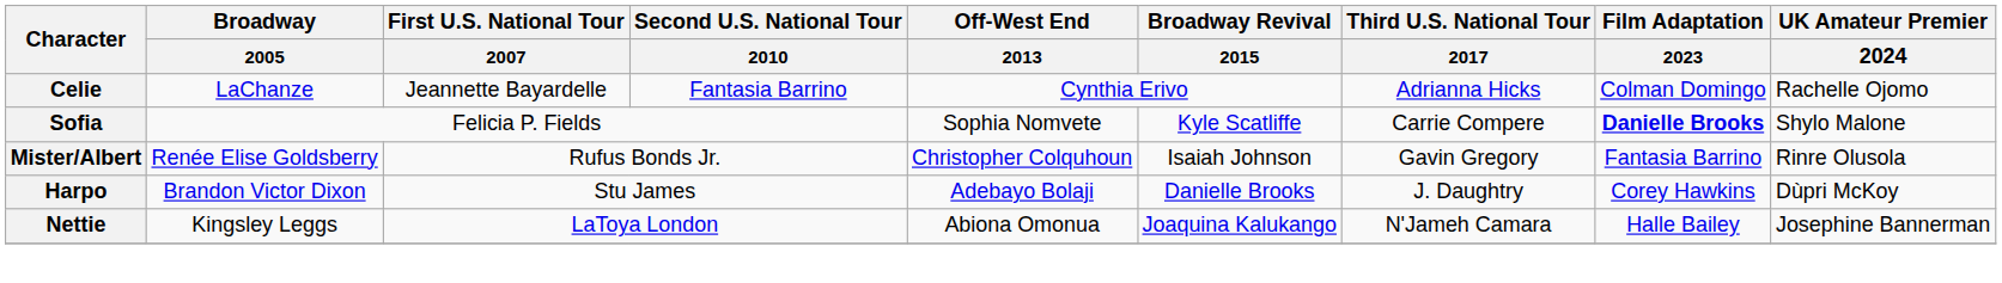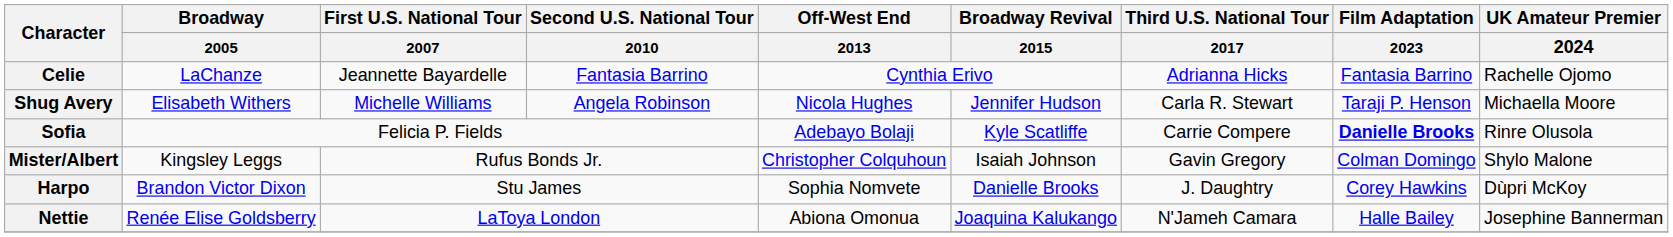 <table class="wikitable" style="width:100;">
 <tr>
 <th rowspan="2">Character</th>
 <th>Broadway</th>
 <th>First U.S. National Tour</th>
 <th>Second U.S. National Tour</th>
 <th>Off-West End</th>
 <th>Broadway Revival</th>
 <th>Third U.S. National Tour</th>
 <th>Film Adaptation</th>
 <th>UK Amateur Premier</th>
 </tr>
 <tr>
 <th><small>2005</small></th>
 <th><small>2007</small></th>
 <th><small>2010</small></th>
 <th><small>2013</small></th>
 <th><small>2015</small></th>
 <th><small>2017</small></th>
 <th><small>2023</small></th>
 <th>2024</th>
 </tr>
 <tr>
 <th>Celie</th>
 <td colspan="1" align="center"><a href='#'>LaChanze</a></td>
 <td colspan="1" align="center">Jeannette Bayardelle</td>
 <td colspan="1" align="center"><a href='#'>Fantasia Barrino</a></td>
 <td colspan="2" align="center"><a href='#'>Cynthia Erivo</a></td>
 <td colspan="1" align="center"><a href='#'>Adrianna Hicks</a></td>
-<td colspan="1" align="center"><a href='#'>Colman Domingo</a></td>
+<td colspan="1" align="center"><a href='#'>Fantasia Barrino</a></td>
 <td>Rachelle Ojomo</td>
+</tr>
+<tr>
+<th>Shug Avery</th>
+<td colspan="1" align="center"><a href='#'>Elisabeth Withers</a></td>
+<td colspan="1" align="center"><a href='#'>Michelle Williams</a></td>
+<td colspan="1" align="center"><a href='#'>Angela Robinson</a></td>
+<td colspan="1" align="center"><a href='#'>Nicola Hughes</a></td>
+<td colspan="1" align="center"><a href='#'>Jennifer Hudson</a></td>
+<td colspan="1" align="center">Carla R. Stewart</td>
+<td colspan="1" align="center"><a href='#'>Taraji P. Henson</a></td>
+<td>Michaella Moore</td>
 </tr>
 <tr>
 <th>Sofia</th>
 <td colspan="3" align="center">Felicia P. Fields</td>
-<td colspan="1" align="center">Sophia Nomvete</td>
+<td colspan="1" align="center"><a href='#'>Adebayo Bolaji</a></td>
 <td colspan="1" align="center"><a href='#'>Kyle Scatliffe</a></td>
 <td colspan="1" align="center">Carrie Compere</td>
 <td colspan="1" align="center"><strong><a href='#'>Danielle Brooks</a></strong></td>
-<td>Shylo Malone</td>
+<td>Rinre Olusola</td>
 </tr>
 <tr>
 <th>Mister/Albert</th>
-<td colspan="1" align="center"><a href='#'>Renée Elise Goldsberry</a></td>
+<td colspan="1" align="center">Kingsley Leggs</td>
 <td colspan="2" align="center">Rufus Bonds Jr.</td>
 <td colspan="1" align="center"><a href='#'>Christopher Colquhoun</a></td>
 <td colspan="1" align="center">Isaiah Johnson</td>
 <td colspan="1" align=" center">Gavin Gregory</td>
-<td colspan="1" align="center"><a href='#'>Fantasia Barrino</a></td>
-<td>Rinre Olusola</td>
+<td colspan="1" align="center"><a href='#'>Colman Domingo</a></td>
+<td>Shylo Malone</td>
 </tr>
 <tr>
 <th>Harpo</th>
 <td colspan="1" align="center"><a href='#'>Brandon Victor Dixon</a></td>
 <td colspan="2" align="center">Stu James</td>
-<td colspan="1" align="center"><a href='#'>Adebayo Bolaji</a></td>
+<td colspan="1" align="center">Sophia Nomvete</td>
 <td colspan="1" align="center"><a href='#'>Danielle Brooks</a></td>
 <td colspan="1" align="center">J. Daughtry</td>
 <td colspan="1" align="center"><a href='#'>Corey Hawkins</a></td>
 <td>Dùpri McKoy</td>
 </tr>
 <tr>
 <th>Nettie</th>
-<td colspan="1" align="center">Kingsley Leggs</td>
+<td colspan="1" align="center"><a href='#'>Renée Elise Goldsberry</a></td>
 <td colspan="2" align="center"><a href='#'>LaToya London</a></td>
 <td colspan="1" align="center">Abiona Omonua</td>
 <td colspan="1" align="center"><a href='#'>Joaquina Kalukango</a></td>
 <td colspan="1" align="center">N'Jameh Camara</td>
 <td colspan="1" align="center"><a href='#'>Halle Bailey</a></td>
 <td>Josephine Bannerman</td>
 </tr>
 <tr>
 </tr>
 </table>
